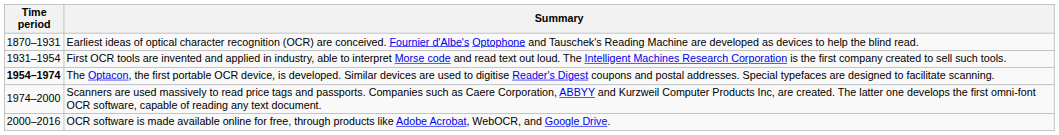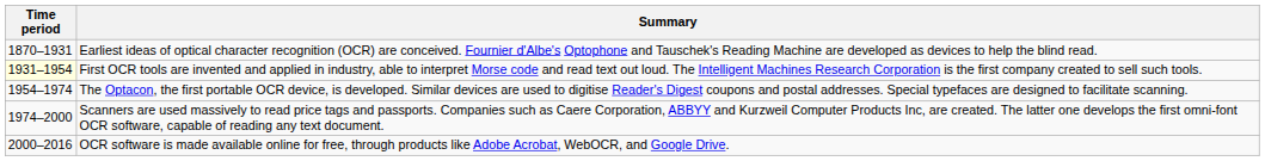 <table class="wikitable">
 <tr>
 <th>Time period</th>
 <th>Summary</th>
 </tr>
 <tr>
 <td>1870–1931</td>
 <td>Earliest ideas of optical character recognition (OCR) are conceived. <a href='#'>Fournier d'Albe's</a> <a href='#'>Optophone</a> and Tauschek's Reading Machine are developed as devices to help the blind read.</td>
 </tr>
 <tr>
-<td>1931–1954</td>
+<td style="background: lightyellow;">1931–1954</td>
 <td>First OCR tools are invented and applied in industry, able to interpret <a href='#'>Morse code</a> and read text out loud. The <a href='#'>Intelligent Machines Research Corporation</a> is the first company created to sell such tools.</td>
 </tr>
 <tr>
-<td><strong>1954–1974</strong></td>
+<td>1954–1974</td>
 <td>The <a href='#'>Optacon</a>, the first portable OCR device, is developed. Similar devices are used to digitise <a href='#'>Reader's Digest</a> coupons and postal addresses. Special typefaces are designed to facilitate scanning.</td>
 </tr>
 <tr>
 <td>1974–2000</td>
 <td>Scanners are used massively to read price tags and passports. Companies such as Caere Corporation, <a href='#'>ABBYY</a> and Kurzweil Computer Products Inc, are created. The latter one develops the first omni-font OCR software, capable of reading any text document.</td>
 </tr>
 <tr>
 <td>2000–2016</td>
 <td>OCR software is made available online for free, through products like <a href='#'>Adobe Acrobat</a>, WebOCR, and <a href='#'>Google Drive</a>.</td>
 </tr>
 </table>
